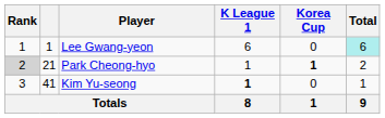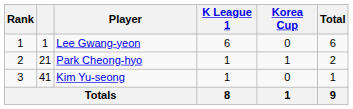 <table class="wikitable sortable" style="text-align: center;">
 <tr>
 <th width=10>Rank</th>
 <th width=10></th>
 <th width=200>Player</th>
 <th width=80><a href='#'>K League 1</a></th>
 <th width=80><a href='#'>Korea Cup</a></th>
 <th>Total</th>
 </tr>
 <tr>
 <td>1</td>
 <td>1</td>
 <td align="left"> <a href='#'>Lee Gwang-yeon</a></td>
 <td>6</td>
 <td>0</td>
-<td style="background: paleturquoise;">6</td>
+<td>6</td>
 </tr>
 <tr>
-<td style="background: lightgrey;">2</td>
+<td>2</td>
 <td>21</td>
 <td align="left"> <a href='#'>Park Cheong-hyo</a></td>
 <td>1</td>
-<td><strong>1</strong></td>
+<td>1</td>
 <td>2</td>
 </tr>
 <tr>
 <td>3</td>
 <td>41</td>
 <td align="left"> <a href='#'>Kim Yu-seong</a></td>
-<td><strong>1</strong></td>
+<td>1</td>
 <td>0</td>
 <td>1</td>
 </tr>
 <tr>
 <th colspan="3">Totals</th>
 <th>8</th>
 <th>1</th>
 <th>9</th>
 </tr>
 </table>
